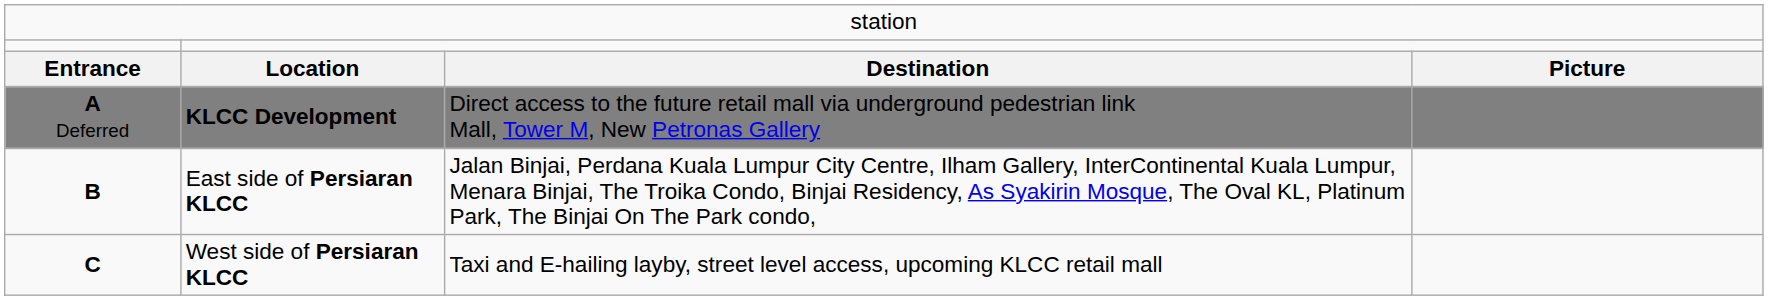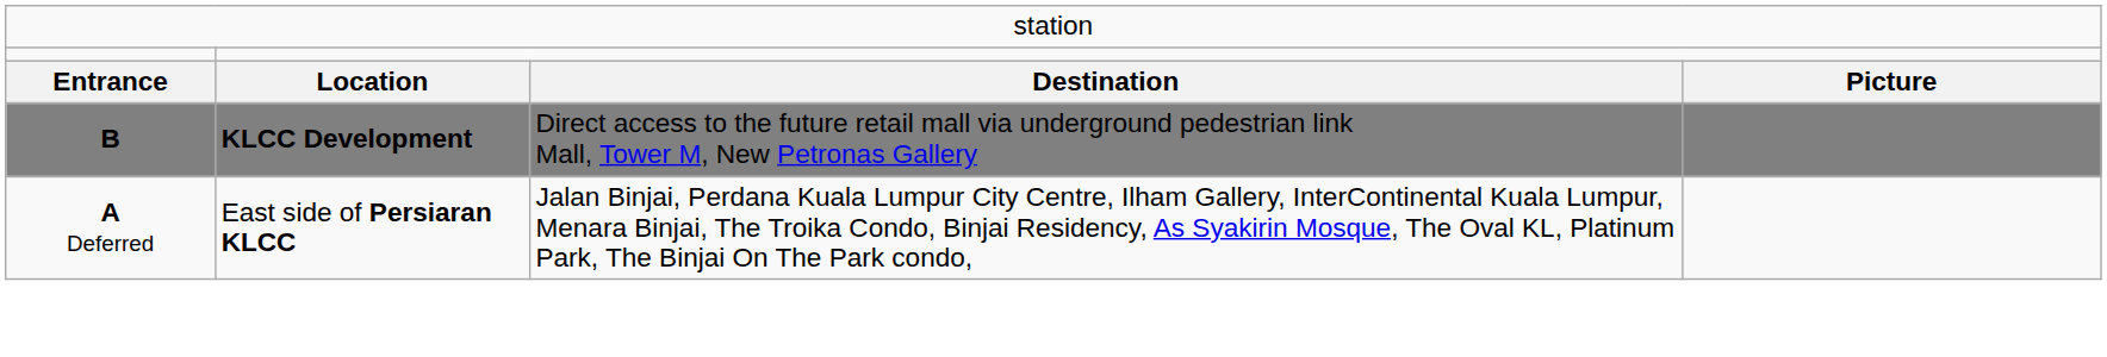 <table class="wikitable">
 <tr>
 <td colspan="4" align="center"> station</td>
 </tr>
 <tr>
 <td></td>
 </tr>
 <tr>
 <th style="width:10%">Entrance</th>
 <th style="width:15%">Location</th>
 <th style="width:55%">Destination</th>
 <th style="width:20%">Picture</th>
 </tr>
 <tr style="background:grey;">
-<td align="center"><strong><span>A</span></strong><br><small>Deferred</small></td>
+<td align="center"><strong><span>B</span></strong></td>
 <td><strong>KLCC Development</strong></td>
 <td>Direct access to the future retail mall via underground pedestrian link<br>Mall, <a href='#'>Tower M</a>, New <a href='#'>Petronas Gallery</a></td>
 <td></td>
 </tr>
 <tr>
-<td align="center"><strong><span>B</span></strong></td>
+<td align="center"><strong><span>A</span></strong><br><small>Deferred</small></td>
 <td>East side of <strong>Persiaran KLCC</strong></td>
 <td>Jalan Binjai, Perdana Kuala Lumpur City Centre, Ilham Gallery, InterContinental Kuala Lumpur, Menara Binjai, The Troika Condo, Binjai Residency, <a href='#'>As Syakirin Mosque</a>, The Oval KL, Platinum Park, The Binjai On The Park condo,</td>
 <td></td>
 </tr>
-<tr>
-<td align="center"><strong><span>C</span></strong></td>
-<td>West side of <strong>Persiaran KLCC</strong></td>
-<td>Taxi and E-hailing layby, street level access, upcoming KLCC retail mall</td>
-<td></td>
-</tr>
 </table>
